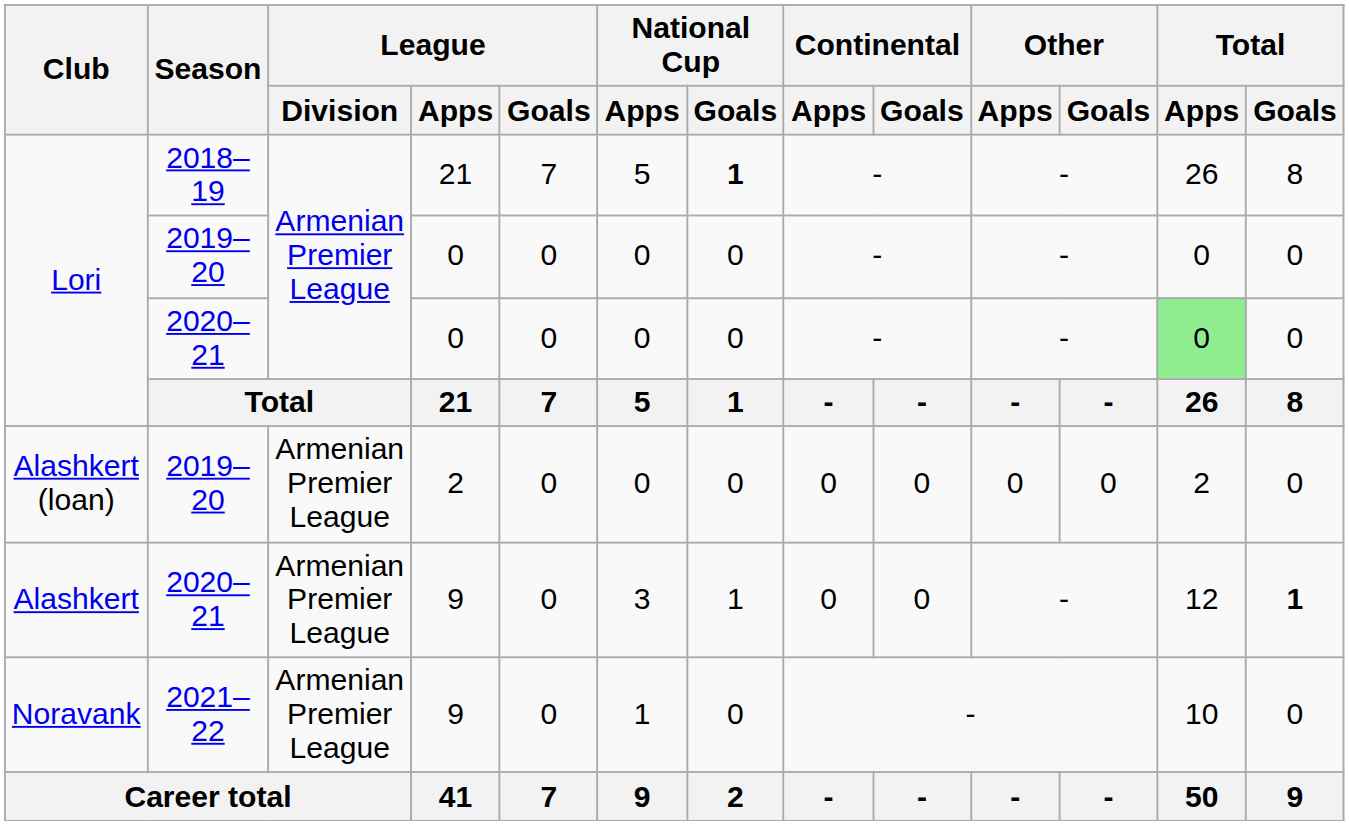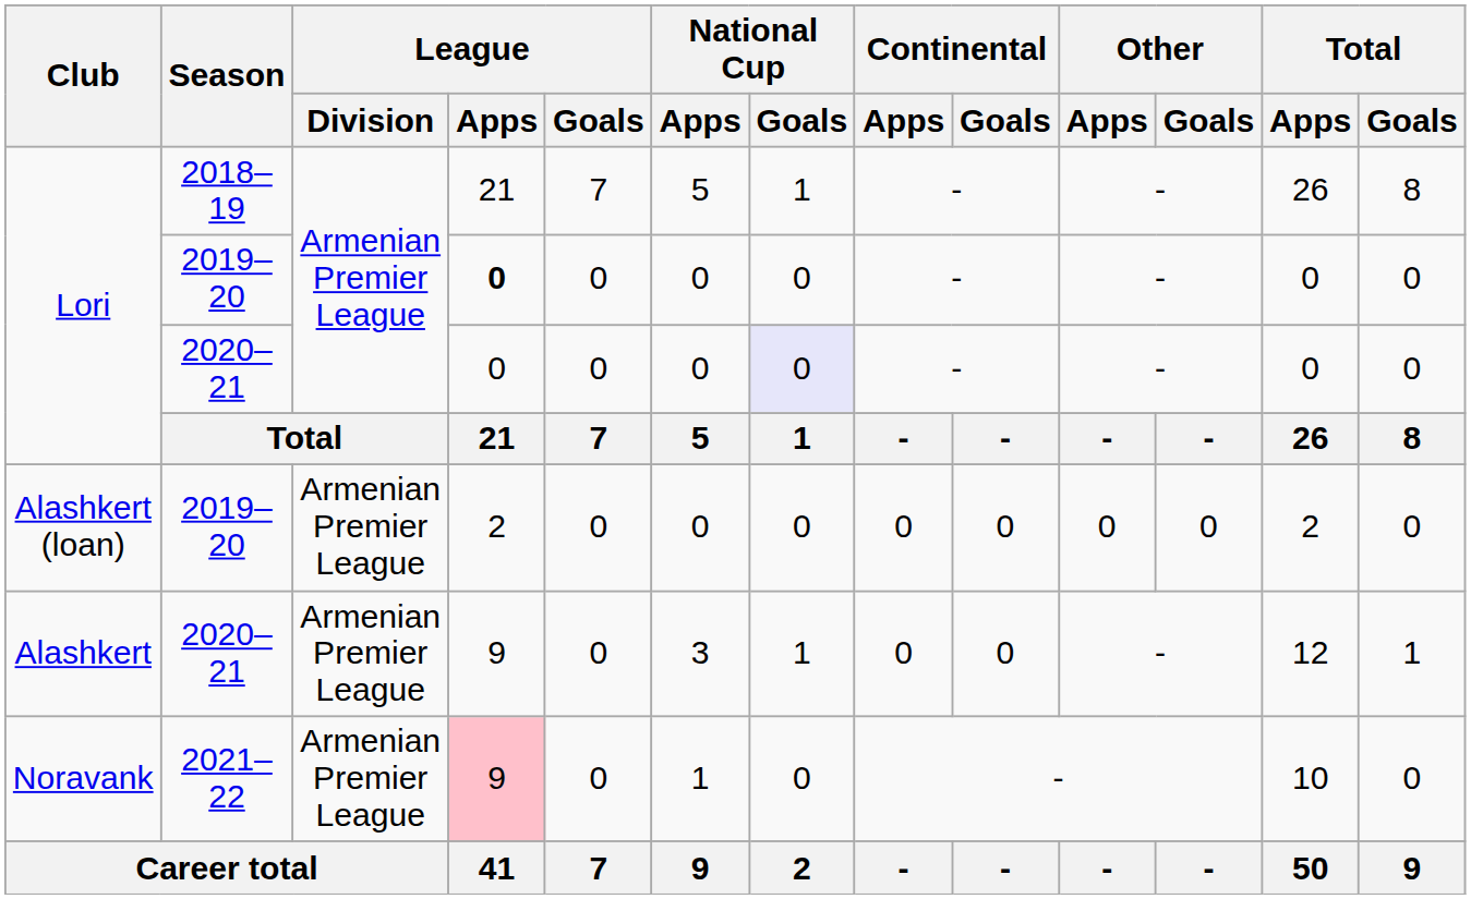 <table class="wikitable" style="text-align:center">
 <tr>
 <th rowspan="2">Club</th>
 <th rowspan="2">Season</th>
 <th colspan="3">League</th>
 <th colspan="2">National Cup</th>
 <th colspan="2">Continental</th>
 <th colspan="2">Other</th>
 <th colspan="2">Total</th>
 </tr>
 <tr>
 <th>Division</th>
 <th>Apps</th>
 <th>Goals</th>
 <th>Apps</th>
 <th>Goals</th>
 <th>Apps</th>
 <th>Goals</th>
 <th>Apps</th>
 <th>Goals</th>
 <th>Apps</th>
 <th>Goals</th>
 </tr>
 <tr>
 <td rowspan="4"><a href='#'>Lori</a></td>
 <td><a href='#'>2018–19</a></td>
 <td rowspan="3"><a href='#'>Armenian Premier League</a></td>
 <td>21</td>
 <td>7</td>
 <td>5</td>
-<td><strong>1</strong></td>
+<td>1</td>
 <td colspan="2">-</td>
 <td colspan="2">-</td>
 <td>26</td>
 <td>8</td>
 </tr>
 <tr>
 <td><a href='#'>2019–20</a></td>
-<td>0</td>
+<td><strong>0</strong></td>
 <td>0</td>
 <td>0</td>
 <td>0</td>
 <td colspan="2">-</td>
 <td colspan="2">-</td>
 <td>0</td>
 <td>0</td>
 </tr>
 <tr>
 <td><a href='#'>2020–21</a></td>
 <td>0</td>
 <td>0</td>
 <td>0</td>
-<td>0</td>
+<td style="background: lavender;">0</td>
 <td colspan="2">-</td>
 <td colspan="2">-</td>
-<td style="background: lightgreen;">0</td>
+<td>0</td>
 <td>0</td>
 </tr>
 <tr>
 <th colspan="2">Total</th>
 <th>21</th>
 <th>7</th>
 <th>5</th>
 <th>1</th>
 <th>-</th>
 <th>-</th>
 <th>-</th>
 <th>-</th>
 <th>26</th>
 <th>8</th>
 </tr>
 <tr>
 <td><a href='#'>Alashkert</a> (loan)</td>
 <td><a href='#'>2019–20</a></td>
 <td>Armenian Premier League</td>
 <td>2</td>
 <td>0</td>
 <td>0</td>
 <td>0</td>
 <td>0</td>
 <td>0</td>
 <td>0</td>
 <td>0</td>
 <td>2</td>
 <td>0</td>
 </tr>
 <tr>
 <td><a href='#'>Alashkert</a></td>
 <td><a href='#'>2020–21</a></td>
 <td>Armenian Premier League</td>
 <td>9</td>
 <td>0</td>
 <td>3</td>
 <td>1</td>
 <td>0</td>
 <td>0</td>
 <td colspan="2">-</td>
 <td>12</td>
-<td><strong>1</strong></td>
+<td>1</td>
 </tr>
 <tr>
 <td><a href='#'>Noravank</a></td>
 <td><a href='#'>2021–22</a></td>
 <td>Armenian Premier League</td>
-<td>9</td>
+<td style="background: pink;">9</td>
 <td>0</td>
 <td>1</td>
 <td>0</td>
 <td colspan="4">-</td>
 <td>10</td>
 <td>0</td>
 </tr>
 <tr>
 <th colspan="3">Career total</th>
 <th>41</th>
 <th>7</th>
 <th>9</th>
 <th>2</th>
 <th>-</th>
 <th>-</th>
 <th>-</th>
 <th>-</th>
 <th>50</th>
 <th>9</th>
 </tr>
 </table>
